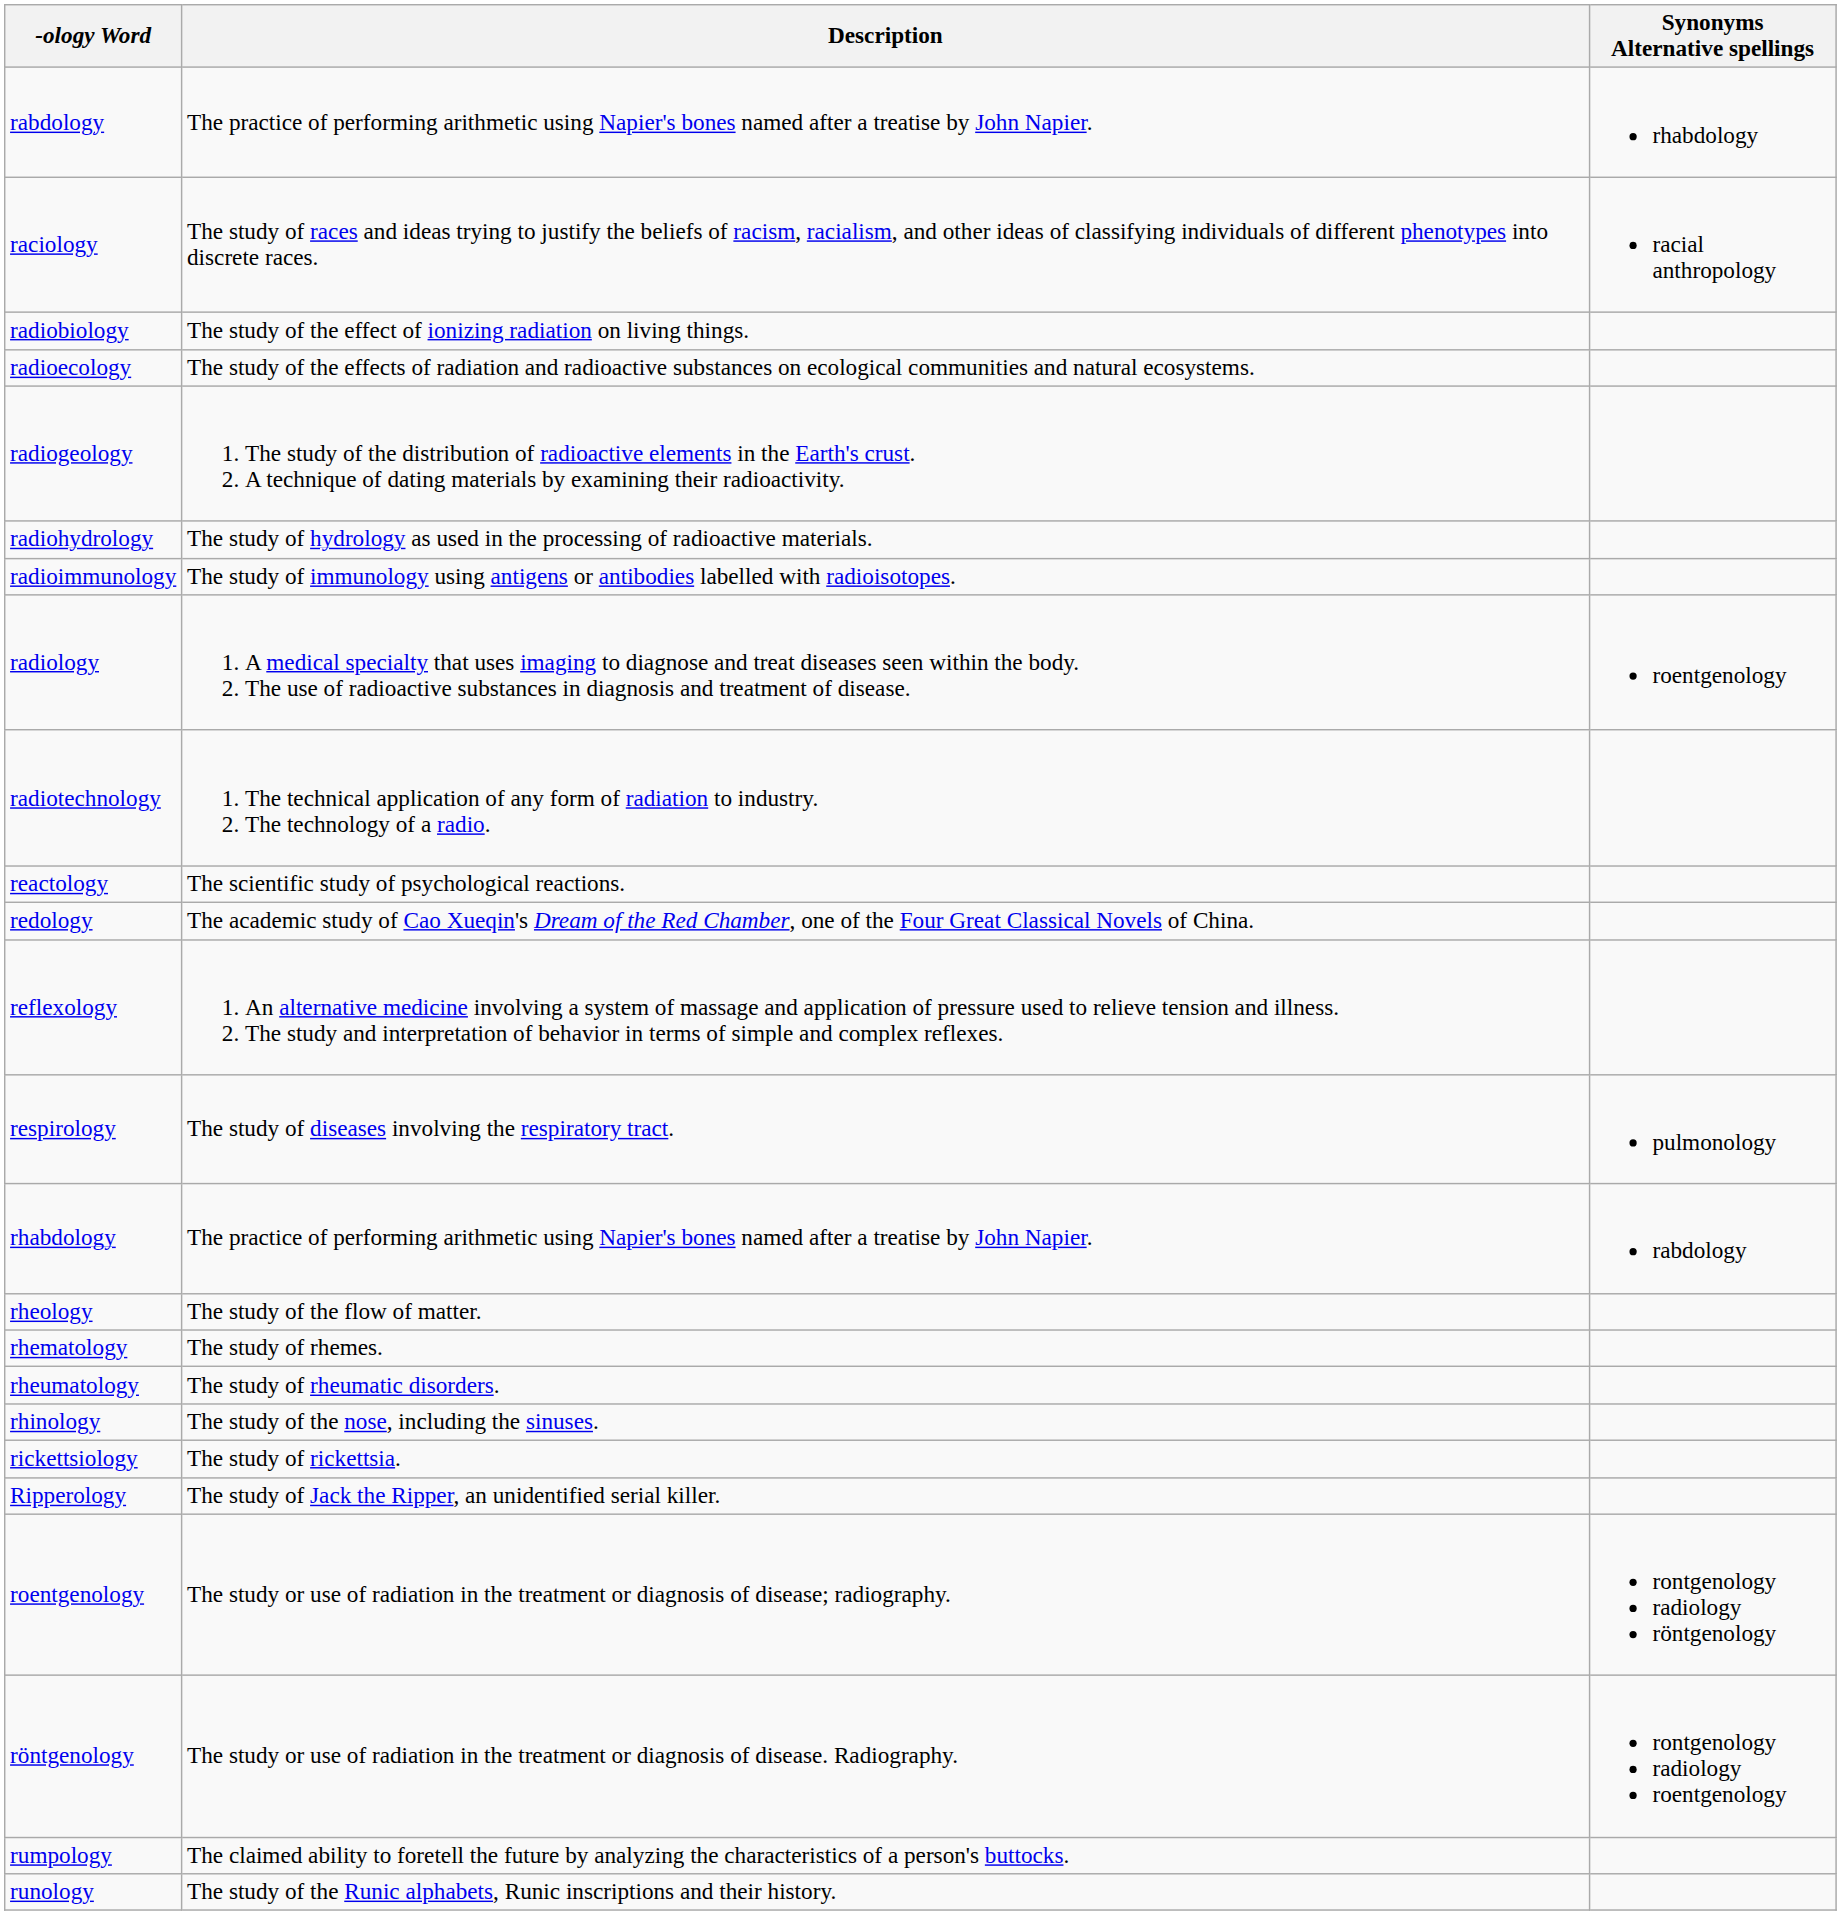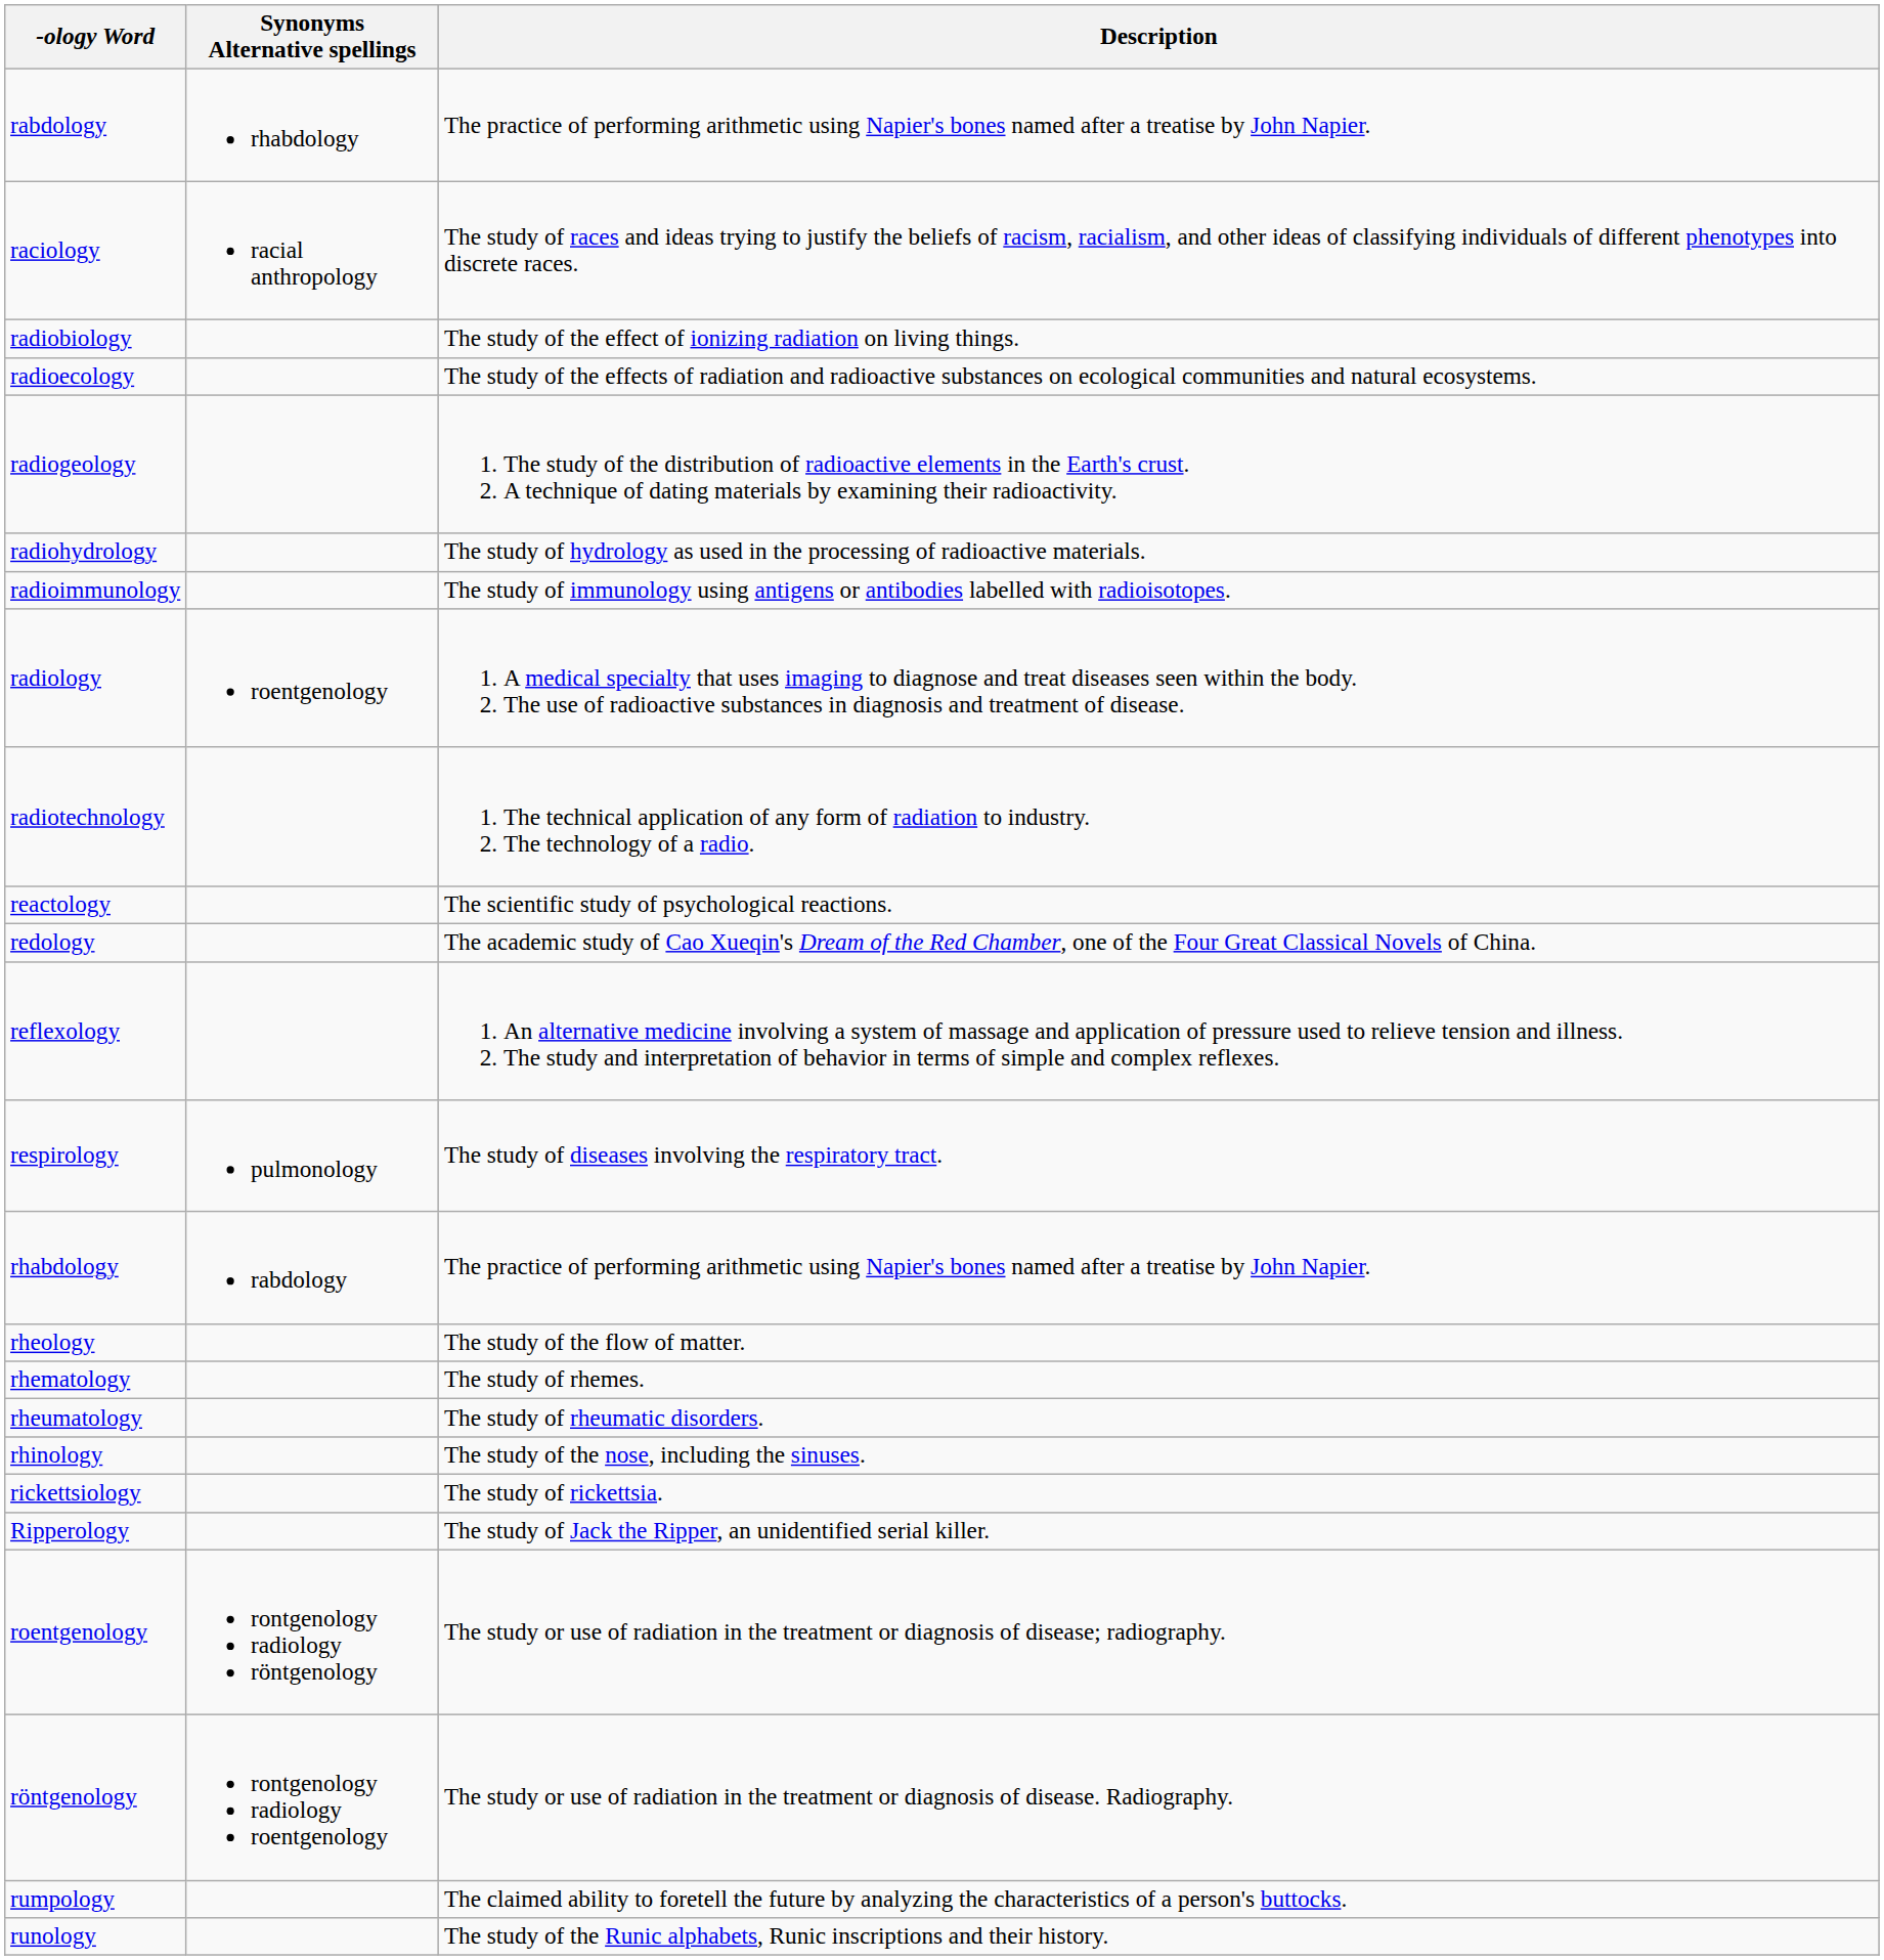 <table class="wikitable" style="width:100%;">
 <tr>
 <th><em>-ology Word</em></th>
+<th>Synonyms<br>Alternative spellings</th>
 <th>Description</th>
-<th>Synonyms<br>Alternative spellings</th>
 </tr>
 <tr>
 <td><a href='#'>rabdology</a></td>
+<td><br><ul><li>rhabdology</li></ul></td>
 <td>The practice of performing arithmetic using <a href='#'>Napier's bones</a> named after a treatise by <a href='#'>John Napier</a>.</td>
-<td><br><ul><li>rhabdology</li></ul></td>
 </tr>
 <tr>
 <td><a href='#'>raciology</a></td>
+<td><br><ul><li>racial anthropology</li></ul></td>
 <td>The study of <a href='#'>races</a> and ideas trying to justify the beliefs of <a href='#'>racism</a>, <a href='#'>racialism</a>, and other ideas of classifying individuals of different <a href='#'>phenotypes</a> into discrete races.</td>
-<td><br><ul><li>racial anthropology</li></ul></td>
 </tr>
 <tr>
 <td><a href='#'>radiobiology</a></td>
+<td></td>
 <td>The study of the effect of <a href='#'>ionizing radiation</a> on living things.</td>
-<td></td>
 </tr>
 <tr>
 <td><a href='#'>radioecology</a></td>
+<td></td>
 <td>The study of the effects of radiation and radioactive substances on ecological communities and natural ecosystems.</td>
-<td></td>
 </tr>
 <tr>
 <td><a href='#'>radiogeology</a></td>
+<td></td>
 <td><br><ol><li>The study of the distribution of <a href='#'>radioactive elements</a> in the <a href='#'>Earth's crust</a>.</li><li>A technique of dating materials by examining their radioactivity.</li></ol></td>
-<td></td>
 </tr>
 <tr>
 <td><a href='#'>radiohydrology</a></td>
+<td></td>
 <td>The study of <a href='#'>hydrology</a> as used in the processing of radioactive materials.</td>
-<td></td>
 </tr>
 <tr>
 <td><a href='#'>radioimmunology</a></td>
+<td></td>
 <td>The study of <a href='#'>immunology</a> using <a href='#'>antigens</a> or <a href='#'>antibodies</a> labelled with <a href='#'>radioisotopes</a>.</td>
-<td></td>
 </tr>
 <tr>
 <td><a href='#'>radiology</a></td>
+<td><br><ul><li>roentgenology</li></ul></td>
 <td><br><ol><li>A <a href='#'>medical specialty</a> that uses <a href='#'>imaging</a> to diagnose and treat diseases seen within the body.</li><li>The use of radioactive substances in diagnosis and treatment of disease.</li></ol></td>
-<td><br><ul><li>roentgenology</li></ul></td>
 </tr>
 <tr>
 <td><a href='#'>radiotechnology</a></td>
+<td></td>
 <td><br><ol><li>The technical application of any form of <a href='#'>radiation</a> to industry.</li><li>The technology of a <a href='#'>radio</a>.</li></ol></td>
-<td></td>
 </tr>
 <tr>
 <td><a href='#'>reactology</a></td>
+<td></td>
 <td>The scientific study of psychological reactions.</td>
-<td></td>
 </tr>
 <tr>
 <td><a href='#'>redology</a></td>
+<td></td>
 <td>The academic study of <a href='#'>Cao Xueqin</a>'s <em><a href='#'>Dream of the Red Chamber</a></em>, one of the <a href='#'>Four Great Classical Novels</a> of China.</td>
-<td></td>
 </tr>
 <tr>
 <td><a href='#'>reflexology</a></td>
+<td></td>
 <td><br><ol><li>An <a href='#'>alternative medicine</a> involving a system of massage and application of pressure used to relieve tension and illness.</li><li>The study and interpretation of behavior in terms of simple and complex reflexes.</li></ol></td>
-<td></td>
 </tr>
 <tr>
 <td><a href='#'>respirology</a></td>
+<td><br><ul><li>pulmonology</li></ul></td>
 <td>The study of <a href='#'>diseases</a> involving the <a href='#'>respiratory tract</a>.</td>
-<td><br><ul><li>pulmonology</li></ul></td>
 </tr>
 <tr>
 <td><a href='#'>rhabdology</a></td>
+<td><br><ul><li>rabdology</li></ul></td>
 <td>The practice of performing arithmetic using <a href='#'>Napier's bones</a> named after a treatise by <a href='#'>John Napier</a>.</td>
-<td><br><ul><li>rabdology</li></ul></td>
 </tr>
 <tr>
 <td><a href='#'>rheology</a></td>
+<td></td>
 <td>The study of the flow of matter.</td>
-<td></td>
 </tr>
 <tr>
 <td><a href='#'>rhematology</a></td>
+<td></td>
 <td>The study of rhemes.</td>
-<td></td>
 </tr>
 <tr>
 <td><a href='#'>rheumatology</a></td>
+<td></td>
 <td>The study of <a href='#'>rheumatic disorders</a>.</td>
-<td></td>
 </tr>
 <tr>
 <td><a href='#'>rhinology</a></td>
+<td></td>
 <td>The study of the <a href='#'>nose</a>, including the <a href='#'>sinuses</a>.</td>
-<td></td>
 </tr>
 <tr>
 <td><a href='#'>rickettsiology</a></td>
+<td></td>
 <td>The study of <a href='#'>rickettsia</a>.</td>
-<td></td>
 </tr>
 <tr>
 <td><a href='#'>Ripperology</a></td>
+<td></td>
 <td>The study of <a href='#'>Jack the Ripper</a>, an unidentified serial killer.</td>
-<td></td>
 </tr>
 <tr>
 <td><a href='#'>roentgenology</a></td>
+<td><br><ul><li>rontgenology</li><li>radiology</li><li>röntgenology</li></ul></td>
 <td>The study or use of radiation in the treatment or diagnosis of disease; radiography.</td>
-<td><br><ul><li>rontgenology</li><li>radiology</li><li>röntgenology</li></ul></td>
 </tr>
 <tr>
 <td><a href='#'>röntgenology</a></td>
+<td><br><ul><li>rontgenology</li><li>radiology</li><li>roentgenology</li></ul></td>
 <td>The study or use of radiation in the treatment or diagnosis of disease. Radiography.</td>
-<td><br><ul><li>rontgenology</li><li>radiology</li><li>roentgenology</li></ul></td>
 </tr>
 <tr>
 <td><a href='#'>rumpology</a></td>
+<td></td>
 <td>The claimed ability to foretell the future by analyzing the characteristics of a person's <a href='#'>buttocks</a>.</td>
-<td></td>
 </tr>
 <tr>
 <td><a href='#'>runology</a></td>
+<td></td>
 <td>The study of the <a href='#'>Runic alphabets</a>, Runic inscriptions and their history.</td>
-<td></td>
 </tr>
 </table>
